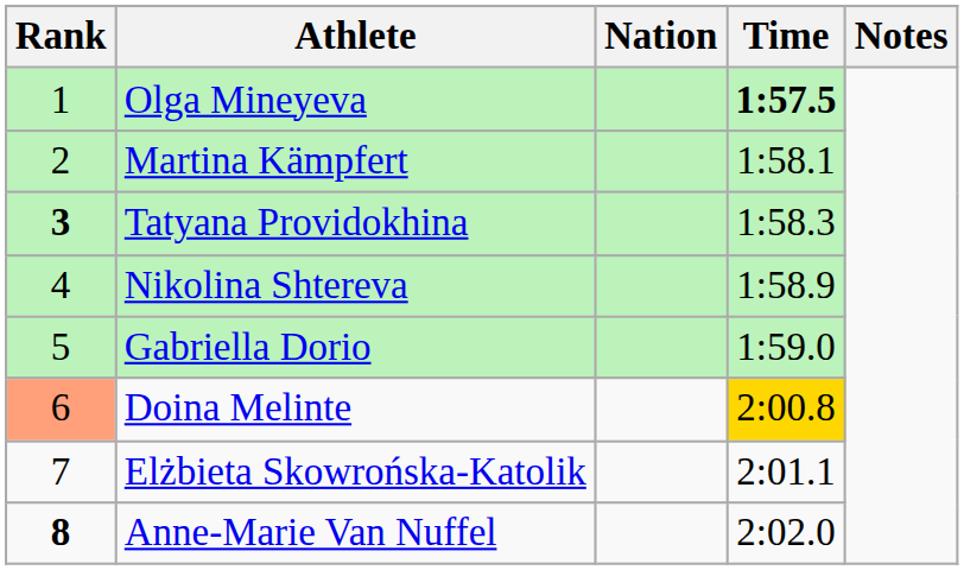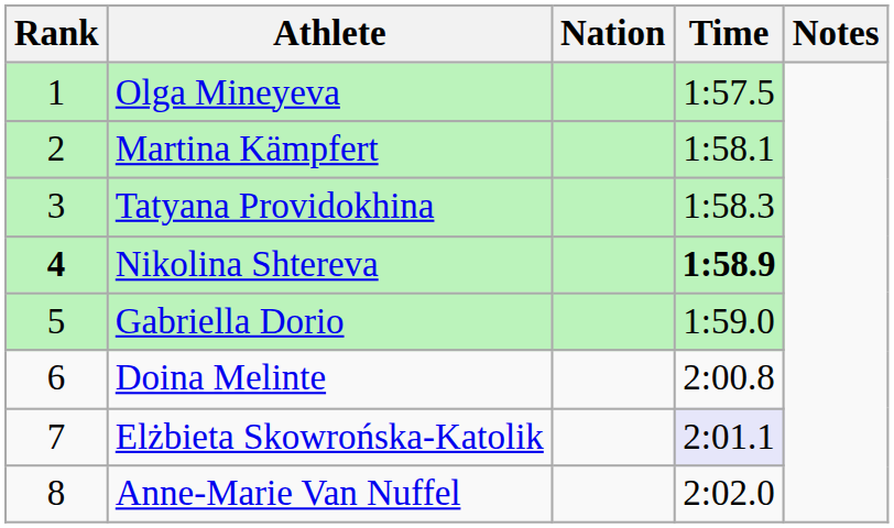 <table class="wikitable sortable" style="text-align:center">
 <tr>
 <th>Rank</th>
 <th>Athlete</th>
 <th>Nation</th>
 <th>Time</th>
 <th>Notes</th>
 </tr>
 <tr style="background:#bbf3bb;">
 <td>1</td>
 <td align=left><a href='#'>Olga Mineyeva</a></td>
 <td align=left></td>
-<td><strong>1:57.5</strong></td>
+<td>1:57.5</td>
 </tr>
 <tr style="background:#bbf3bb;">
 <td>2</td>
 <td align=left><a href='#'>Martina Kämpfert</a></td>
 <td align=left></td>
 <td>1:58.1</td>
 </tr>
 <tr style="background:#bbf3bb;">
-<td><strong>3</strong></td>
+<td>3</td>
 <td align=left><a href='#'>Tatyana Providokhina</a></td>
 <td align=left></td>
 <td>1:58.3</td>
 </tr>
 <tr style="background:#bbf3bb;">
-<td>4</td>
+<td><strong>4</strong></td>
 <td align=left><a href='#'>Nikolina Shtereva</a></td>
 <td align=left></td>
-<td>1:58.9</td>
+<td><strong>1:58.9</strong></td>
 </tr>
 <tr style="background:#bbf3bb;">
 <td>5</td>
 <td align=left><a href='#'>Gabriella Dorio</a></td>
 <td align=left></td>
 <td>1:59.0</td>
 </tr>
 <tr>
-<td style="background: lightsalmon;">6</td>
+<td>6</td>
 <td align=left><a href='#'>Doina Melinte</a></td>
 <td align=left></td>
-<td style="background: gold;">2:00.8</td>
+<td>2:00.8</td>
 </tr>
 <tr>
 <td>7</td>
 <td align=left><a href='#'>Elżbieta Skowrońska-Katolik</a></td>
 <td align=left></td>
-<td>2:01.1</td>
+<td style="background: lavender;">2:01.1</td>
 </tr>
 <tr>
-<td><strong>8</strong></td>
+<td>8</td>
 <td align=left><a href='#'>Anne-Marie Van Nuffel</a></td>
 <td align=left></td>
 <td>2:02.0</td>
 </tr>
 </table>
